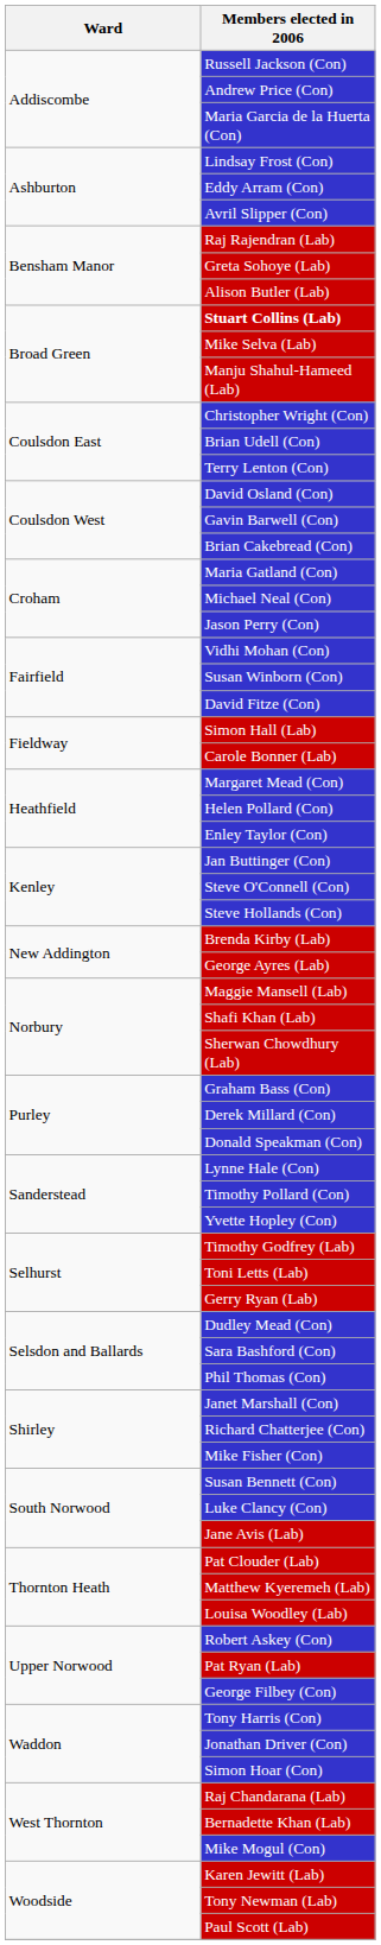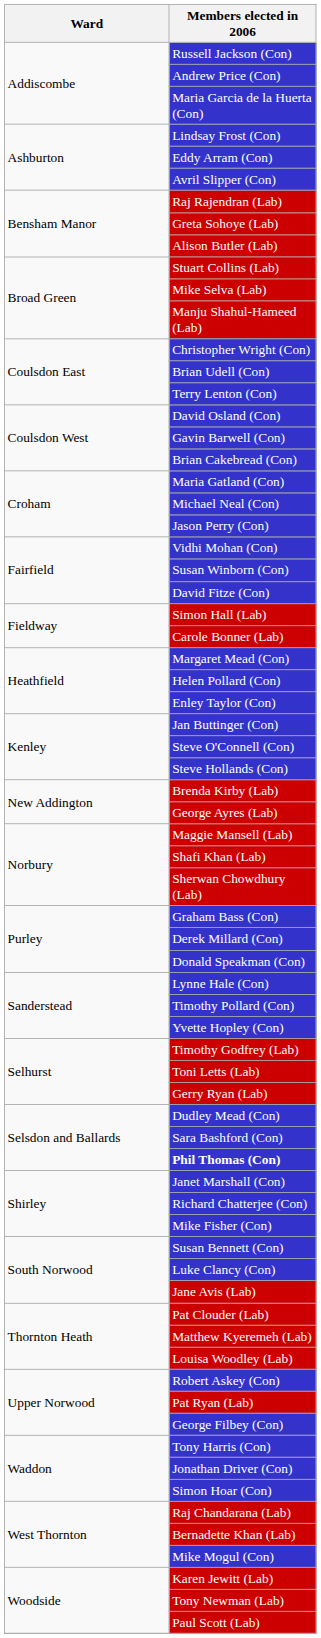 <table class="wikitable" style="font-size: 95%; clear:both">
 <tr>
 <th width=180>Ward</th>
 <th width=160>Members elected in 2006</th>
 </tr>
 <tr>
 <td rowspan=3>Addiscombe</td>
 <td style="background:#3333cc; color:white">Russell Jackson (Con)</td>
 </tr>
 <tr>
 <td style="background:#3333cc; color:white">Andrew Price (Con)</td>
 </tr>
 <tr>
 <td style="background:#3333cc; color:white">Maria Garcia de la Huerta (Con)</td>
 </tr>
 <tr>
 <td rowspan=3>Ashburton</td>
 <td style="background:#3333cc; color:white">Lindsay Frost (Con)</td>
 </tr>
 <tr>
 <td style="background:#3333cc; color:white">Eddy Arram (Con)</td>
 </tr>
 <tr>
 <td style="background:#3333cc; color:white">Avril Slipper (Con)</td>
 </tr>
 <tr>
 <td rowspan=3>Bensham Manor</td>
 <td style="background:#cc0000; color:white">Raj Rajendran (Lab)</td>
 </tr>
 <tr>
 <td style="background:#cc0000; color:white">Greta Sohoye (Lab)</td>
 </tr>
 <tr>
 <td style="background:#cc0000; color:white">Alison Butler (Lab)</td>
 </tr>
 <tr>
 <td rowspan=3>Broad Green</td>
-<td style="background:#cc0000; color:white"><strong>Stuart Collins (Lab)</strong></td>
+<td style="background:#cc0000; color:white">Stuart Collins (Lab)</td>
 </tr>
 <tr>
 <td style="background:#cc0000; color:white">Mike Selva (Lab)</td>
 </tr>
 <tr>
 <td style="background:#cc0000; color:white">Manju Shahul-Hameed (Lab)</td>
 </tr>
 <tr>
 <td rowspan=3>Coulsdon East</td>
 <td style="background:#3333cc; color:white">Christopher Wright (Con)</td>
 </tr>
 <tr>
 <td style="background:#3333cc; color:white">Brian Udell (Con)</td>
 </tr>
 <tr>
 <td style="background:#3333cc; color:white">Terry Lenton (Con)</td>
 </tr>
 <tr>
 <td rowspan=3>Coulsdon West</td>
 <td style="background:#3333cc; color:white">David Osland (Con)</td>
 </tr>
 <tr>
 <td style="background:#3333cc; color:white">Gavin Barwell (Con)</td>
 </tr>
 <tr>
 <td style="background:#3333cc; color:white">Brian Cakebread (Con)</td>
 </tr>
 <tr>
 <td rowspan=3>Croham</td>
 <td style="background:#3333cc; color:white">Maria Gatland (Con)</td>
 </tr>
 <tr>
 <td style="background:#3333cc; color:white">Michael Neal (Con)</td>
 </tr>
 <tr>
 <td style="background:#3333cc; color:white">Jason Perry (Con)</td>
 </tr>
 <tr>
 <td rowspan=3>Fairfield</td>
 <td style="background:#3333cc; color:white">Vidhi Mohan (Con)</td>
 </tr>
 <tr>
 <td style="background:#3333cc; color:white">Susan Winborn (Con)</td>
 </tr>
 <tr>
 <td style="background:#3333cc; color:white">David Fitze (Con)</td>
 </tr>
 <tr>
 <td rowspan=2>Fieldway</td>
 <td style="background:#cc0000; color:white">Simon Hall (Lab)</td>
 </tr>
 <tr>
 <td style="background:#cc0000; color:white">Carole Bonner (Lab)</td>
 </tr>
 <tr>
 <td rowspan=3>Heathfield</td>
 <td style="background:#3333cc; color:white">Margaret Mead (Con)</td>
 </tr>
 <tr>
 <td style="background:#3333cc; color:white">Helen Pollard (Con)</td>
 </tr>
 <tr>
 <td style="background:#3333cc; color:white">Enley Taylor (Con)</td>
 </tr>
 <tr>
 <td rowspan=3>Kenley</td>
 <td style="background:#3333cc; color:white">Jan Buttinger (Con)</td>
 </tr>
 <tr>
 <td style="background:#3333cc; color:white">Steve O'Connell (Con)</td>
 </tr>
 <tr>
 <td style="background:#3333cc; color:white">Steve Hollands (Con)</td>
 </tr>
 <tr>
 <td rowspan=2>New Addington</td>
 <td style="background:#cc0000; color:white">Brenda Kirby (Lab)</td>
 </tr>
 <tr>
 <td style="background:#cc0000; color:white">George Ayres (Lab)</td>
 </tr>
 <tr>
 <td rowspan=3>Norbury</td>
 <td style="background:#cc0000; color:white">Maggie Mansell (Lab)</td>
 </tr>
 <tr>
 <td style="background:#cc0000; color:white">Shafi Khan (Lab)</td>
 </tr>
 <tr>
 <td style="background:#cc0000; color:white">Sherwan Chowdhury (Lab)</td>
 </tr>
 <tr>
 <td rowspan=3>Purley</td>
 <td style="background:#3333cc; color:white">Graham Bass (Con)</td>
 </tr>
 <tr>
 <td style="background:#3333cc; color:white">Derek Millard (Con)</td>
 </tr>
 <tr>
 <td style="background:#3333cc; color:white">Donald Speakman (Con)</td>
 </tr>
 <tr>
 <td rowspan=3>Sanderstead</td>
 <td style="background:#3333cc; color:white">Lynne Hale (Con)</td>
 </tr>
 <tr>
 <td style="background:#3333cc; color:white">Timothy Pollard (Con)</td>
 </tr>
 <tr>
 <td style="background:#3333cc; color:white">Yvette Hopley (Con)</td>
 </tr>
 <tr>
 <td rowspan=3>Selhurst</td>
 <td style="background:#cc0000; color:white">Timothy Godfrey (Lab)</td>
 </tr>
 <tr>
 <td style="background:#cc0000; color:white">Toni Letts (Lab)</td>
 </tr>
 <tr>
 <td style="background:#cc0000; color:white">Gerry Ryan (Lab)</td>
 </tr>
 <tr>
 <td rowspan=3>Selsdon and Ballards</td>
 <td style="background:#3333cc; color:white">Dudley Mead (Con)</td>
 </tr>
 <tr>
 <td style="background:#3333cc; color:white">Sara Bashford (Con)</td>
 </tr>
 <tr>
-<td style="background:#3333cc; color:white">Phil Thomas (Con)</td>
+<td style="background:#3333cc; color:white"><strong>Phil Thomas (Con)</strong></td>
 </tr>
 <tr>
 <td rowspan=3>Shirley</td>
 <td style="background:#3333cc; color:white">Janet Marshall (Con)</td>
 </tr>
 <tr>
 <td style="background:#3333cc; color:white">Richard Chatterjee (Con)</td>
 </tr>
 <tr>
 <td style="background:#3333cc; color:white">Mike Fisher (Con)</td>
 </tr>
 <tr>
 <td rowspan=3>South Norwood</td>
 <td style="background:#3333cc; color:white">Susan Bennett (Con)</td>
 </tr>
 <tr>
 <td style="background:#3333cc; color:white">Luke Clancy (Con)</td>
 </tr>
 <tr>
 <td style="background:#cc0000; color:white">Jane Avis (Lab)</td>
 </tr>
 <tr>
 <td rowspan=3>Thornton Heath</td>
 <td style="background:#cc0000; color:white">Pat Clouder (Lab)</td>
 </tr>
 <tr>
 <td style="background:#cc0000; color:white">Matthew Kyeremeh (Lab)</td>
 </tr>
 <tr>
 <td style="background:#cc0000; color:white">Louisa Woodley (Lab)</td>
 </tr>
 <tr>
 <td rowspan=3>Upper Norwood</td>
 <td style="background:#3333cc; color:white">Robert Askey (Con)</td>
 </tr>
 <tr>
 <td style="background:#cc0000; color:white">Pat Ryan (Lab)</td>
 </tr>
 <tr>
 <td style="background:#3333cc; color:white">George Filbey (Con)</td>
 </tr>
 <tr>
 <td rowspan=3>Waddon</td>
 <td style="background:#3333cc; color:white">Tony Harris (Con)</td>
 </tr>
 <tr>
 <td style="background:#3333cc; color:white">Jonathan Driver (Con)</td>
 </tr>
 <tr>
 <td style="background:#3333cc; color:white">Simon Hoar (Con)</td>
 </tr>
 <tr>
 <td rowspan=3>West Thornton</td>
 <td style="background:#cc0000; color:white">Raj Chandarana (Lab)</td>
 </tr>
 <tr>
 <td style="background:#cc0000; color:white">Bernadette Khan (Lab)</td>
 </tr>
 <tr>
 <td style="background:#3333cc; color:white">Mike Mogul (Con)</td>
 </tr>
 <tr>
 <td rowspan=3>Woodside</td>
 <td style="background:#cc0000; color:white">Karen Jewitt (Lab)</td>
 </tr>
 <tr>
 <td style="background:#cc0000; color:white">Tony Newman (Lab)</td>
 </tr>
 <tr>
 <td style="background:#cc0000; color:white">Paul Scott (Lab)</td>
 </tr>
 <tr>
 </tr>
 </table>
